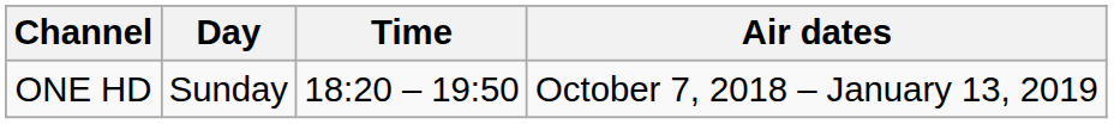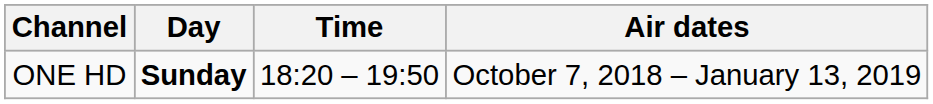 <table class="wikitable">
 <tr>
 <th>Channel</th>
 <th>Day</th>
 <th>Time</th>
 <th>Air dates</th>
 </tr>
 <tr>
 <td rowspan = "2" align = "center">ONE HD</td>
-<td rowspan = "1" align = "center">Sunday</td>
+<td rowspan = "1" align = "center"><strong>Sunday</strong></td>
 <td>18:20 – 19:50</td>
 <td>October 7, 2018 – January 13, 2019</td>
 </tr>
 </table>
